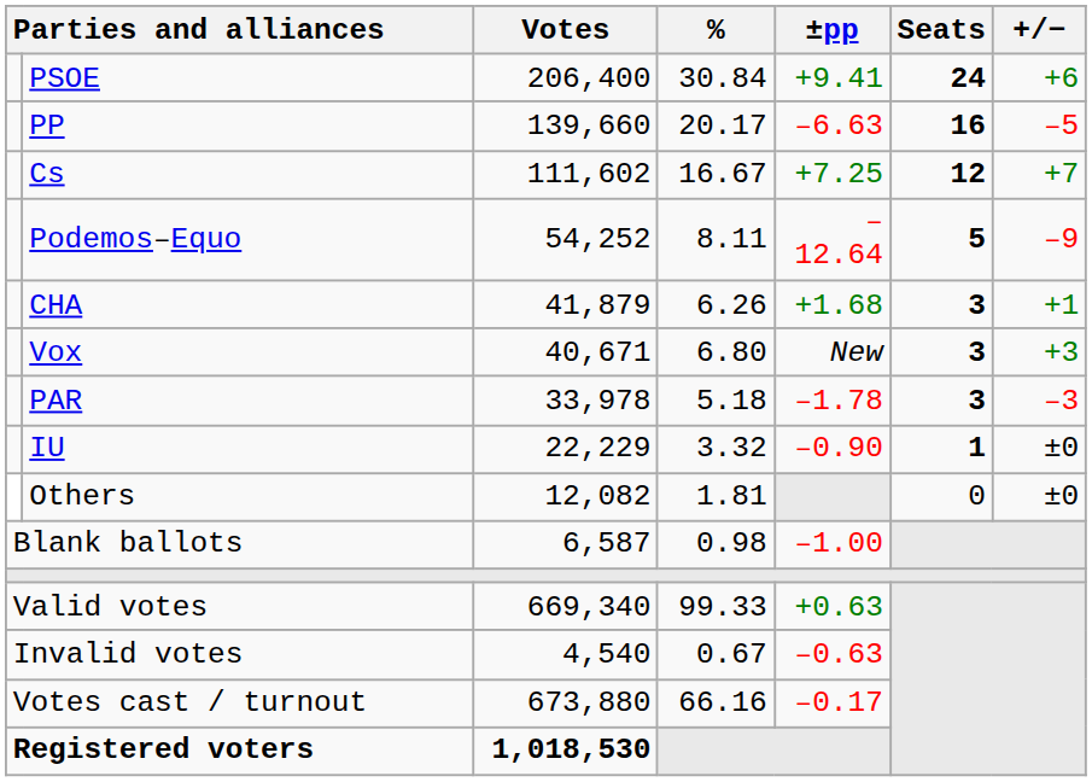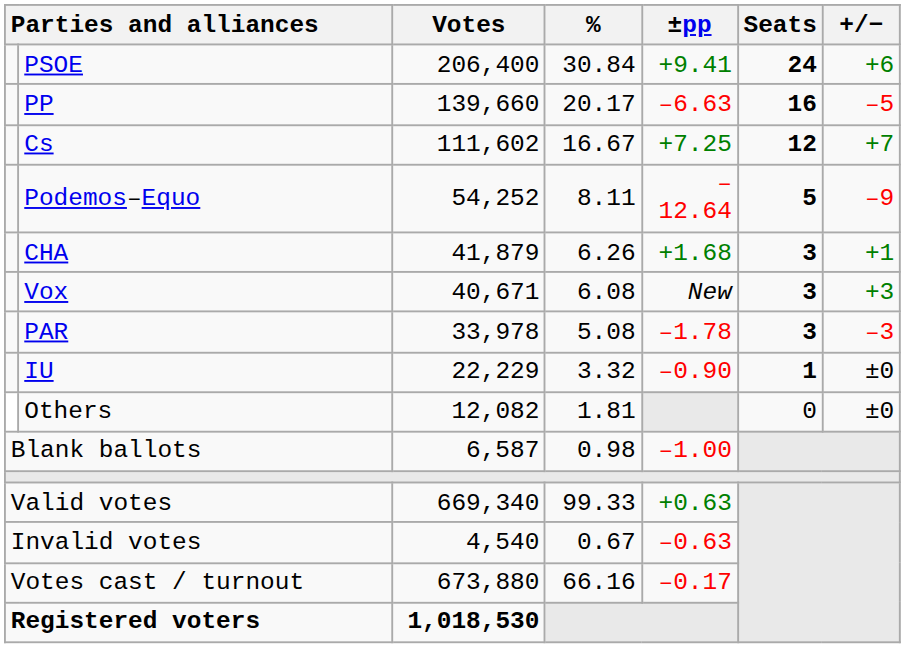 <table class="wikitable" style="text-align:right;">
 <tr>
 <th style="text-align:left;" colspan="2" width="200">Parties and alliances</th>
 <th width="75">Votes</th>
 <th width="45">%</th>
 <th width="45">±<a href='#'>pp</a></th>
 <th width="35">Seats</th>
 <th width="35">+/−</th>
 </tr>
 <tr>
 <td width="1" style="color:inherit;background:"></td>
 <td align="left"><a href='#'>PSOE</a></td>
 <td>206,400</td>
 <td>30.84</td>
 <td style="color:green;">+9.41</td>
 <td><strong>24</strong></td>
 <td style="color:green;">+6</td>
 </tr>
 <tr>
 <td style="color:inherit;background:"></td>
 <td align="left"><a href='#'>PP</a></td>
 <td>139,660</td>
 <td>20.17</td>
 <td style="color:red;">–6.63</td>
 <td><strong>16</strong></td>
 <td style="color:red;">–5</td>
 </tr>
 <tr>
 <td style="color:inherit;background:"></td>
 <td align="left"><a href='#'>Cs</a></td>
 <td>111,602</td>
 <td>16.67</td>
 <td style="color:green;">+7.25</td>
 <td><strong>12</strong></td>
 <td style="color:green;">+7</td>
 </tr>
 <tr>
 <td style="color:inherit;background:"></td>
 <td align="left"><a href='#'>Podemos</a>–<a href='#'>Equo</a></td>
 <td>54,252</td>
 <td>8.11</td>
 <td style="color:red;">–12.64</td>
 <td><strong>5</strong></td>
 <td style="color:red;">–9</td>
 </tr>
 <tr>
 <td style="color:inherit;background:"></td>
 <td align="left"><a href='#'>CHA</a></td>
 <td>41,879</td>
 <td>6.26</td>
 <td style="color:green;">+1.68</td>
 <td><strong>3</strong></td>
 <td style="color:green;">+1</td>
 </tr>
 <tr>
 <td style="color:inherit;background:"></td>
 <td align="left"><a href='#'>Vox</a></td>
 <td>40,671</td>
-<td>6.80</td>
+<td>6.08</td>
 <td><em>New</em></td>
 <td><strong>3</strong></td>
 <td style="color:green;">+3</td>
 </tr>
 <tr>
 <td style="color:inherit;background:"></td>
 <td align="left"><a href='#'>PAR</a></td>
 <td>33,978</td>
-<td>5.18</td>
+<td>5.08</td>
 <td style="color:red;">–1.78</td>
 <td><strong>3</strong></td>
 <td style="color:red;">–3</td>
 </tr>
 <tr>
 <td style="color:inherit;background:"></td>
 <td align="left"><a href='#'>IU</a></td>
 <td>22,229</td>
 <td>3.32</td>
 <td style="color:red;">–0.90</td>
 <td><strong>1</strong></td>
 <td>±0</td>
 </tr>
 <tr>
 <td bgcolor="white"></td>
 <td align="left">Others</td>
 <td>12,082</td>
 <td>1.81</td>
 <td bgcolor="#E9E9E9"></td>
 <td>0</td>
 <td>±0</td>
 </tr>
 <tr>
 <td align="left" colspan="2">Blank ballots</td>
 <td>6,587</td>
 <td>0.98</td>
 <td style="color:red;">–1.00</td>
 <td bgcolor="#E9E9E9" colspan="2"></td>
 </tr>
 <tr>
 <td colspan="7" bgcolor="#E9E9E9"></td>
 </tr>
 <tr>
 <td align="left" colspan="2">Valid votes</td>
 <td>669,340</td>
 <td>99.33</td>
 <td style="color:green;">+0.63</td>
 <td bgcolor="#E9E9E9" colspan="2" rowspan="4"></td>
 </tr>
 <tr>
 <td align="left" colspan="2">Invalid votes</td>
 <td>4,540</td>
 <td>0.67</td>
 <td style="color:red;">–0.63</td>
 </tr>
 <tr>
 <td align="left" colspan="2">Votes cast / turnout</td>
 <td>673,880</td>
 <td>66.16</td>
 <td style="color:red;">–0.17</td>
 </tr>
 <tr style="font-weight:bold;">
 <td align="left" colspan="2">Registered voters</td>
 <td>1,018,530</td>
 <td bgcolor="#E9E9E9" colspan="2"></td>
 </tr>
 </table>
